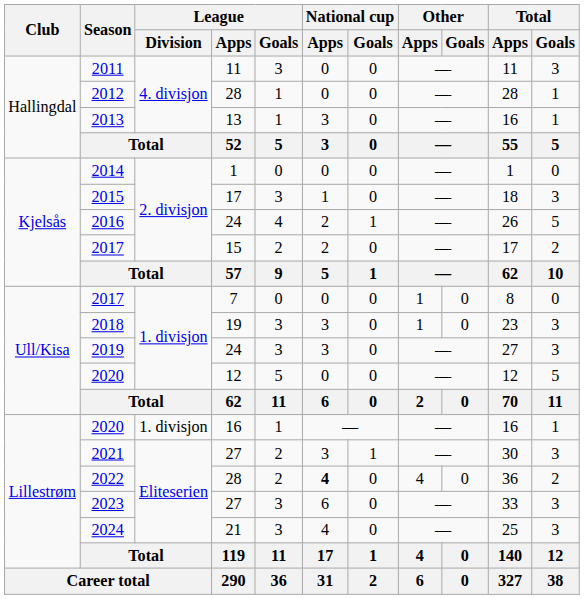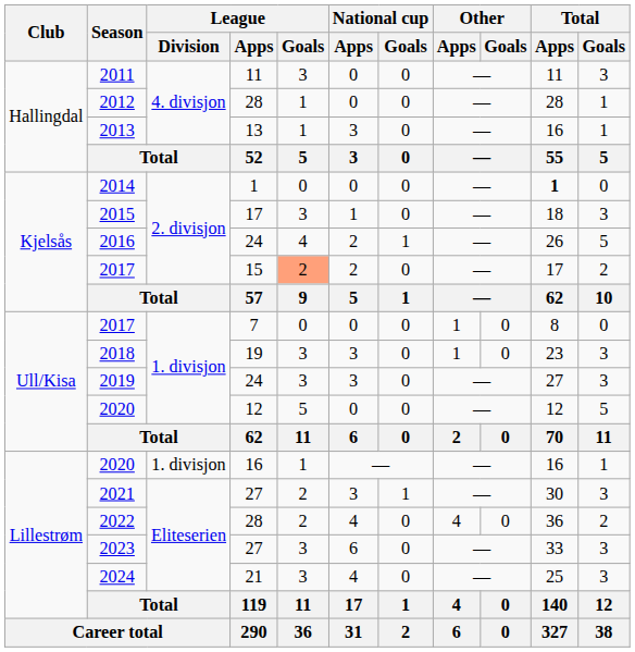 <table class="wikitable" style="text-align: center;">
 <tr>
 <th rowspan="2">Club</th>
 <th rowspan="2">Season</th>
 <th colspan="3">League</th>
 <th colspan="2">National cup</th>
 <th colspan="2">Other</th>
 <th colspan="2">Total</th>
 </tr>
 <tr>
 <th>Division</th>
 <th>Apps</th>
 <th>Goals</th>
 <th>Apps</th>
 <th>Goals</th>
 <th>Apps</th>
 <th>Goals</th>
 <th>Apps</th>
 <th>Goals</th>
 </tr>
 <tr>
 <td rowspan="4">Hallingdal</td>
 <td><a href='#'>2011</a></td>
 <td rowspan="3"><a href='#'>4. divisjon</a></td>
 <td>11</td>
 <td>3</td>
 <td>0</td>
 <td>0</td>
 <td colspan="2">—</td>
 <td>11</td>
 <td>3</td>
 </tr>
 <tr>
 <td><a href='#'>2012</a></td>
 <td>28</td>
 <td>1</td>
 <td>0</td>
 <td>0</td>
 <td colspan="2">—</td>
 <td>28</td>
 <td>1</td>
 </tr>
 <tr>
 <td><a href='#'>2013</a></td>
 <td>13</td>
 <td>1</td>
 <td>3</td>
 <td>0</td>
 <td colspan="2">—</td>
 <td>16</td>
 <td>1</td>
 </tr>
 <tr>
 <th colspan="2">Total</th>
 <th>52</th>
 <th>5</th>
 <th>3</th>
 <th>0</th>
 <th colspan="2">—</th>
 <th>55</th>
 <th>5</th>
 </tr>
 <tr>
 <td rowspan="5"><a href='#'>Kjelsås</a></td>
 <td><a href='#'>2014</a></td>
 <td rowspan="4"><a href='#'>2. divisjon</a></td>
 <td>1</td>
 <td>0</td>
 <td>0</td>
 <td>0</td>
 <td colspan="2">—</td>
-<td>1</td>
+<td><strong>1</strong></td>
 <td>0</td>
 </tr>
 <tr>
 <td><a href='#'>2015</a></td>
 <td>17</td>
 <td>3</td>
 <td>1</td>
 <td>0</td>
 <td colspan="2">—</td>
 <td>18</td>
 <td>3</td>
 </tr>
 <tr>
 <td><a href='#'>2016</a></td>
 <td>24</td>
 <td>4</td>
 <td>2</td>
 <td>1</td>
 <td colspan="2">—</td>
 <td>26</td>
 <td>5</td>
 </tr>
 <tr>
 <td><a href='#'>2017</a></td>
 <td>15</td>
-<td>2</td>
+<td style="background: lightsalmon;">2</td>
 <td>2</td>
 <td>0</td>
 <td colspan="2">—</td>
 <td>17</td>
 <td>2</td>
 </tr>
 <tr>
 <th colspan="2">Total</th>
 <th>57</th>
 <th>9</th>
 <th>5</th>
 <th>1</th>
 <th colspan="2">—</th>
 <th>62</th>
 <th>10</th>
 </tr>
 <tr>
 <td rowspan="5"><a href='#'>Ull/Kisa</a></td>
 <td><a href='#'>2017</a></td>
 <td rowspan="4"><a href='#'>1. divisjon</a></td>
 <td>7</td>
 <td>0</td>
 <td>0</td>
 <td>0</td>
 <td>1</td>
 <td>0</td>
 <td>8</td>
 <td>0</td>
 </tr>
 <tr>
 <td><a href='#'>2018</a></td>
 <td>19</td>
 <td>3</td>
 <td>3</td>
 <td>0</td>
 <td>1</td>
 <td>0</td>
 <td>23</td>
 <td>3</td>
 </tr>
 <tr>
 <td><a href='#'>2019</a></td>
 <td>24</td>
 <td>3</td>
 <td>3</td>
 <td>0</td>
 <td colspan="2">—</td>
 <td>27</td>
 <td>3</td>
 </tr>
 <tr>
 <td><a href='#'>2020</a></td>
 <td>12</td>
 <td>5</td>
 <td>0</td>
 <td>0</td>
 <td colspan="2">—</td>
 <td>12</td>
 <td>5</td>
 </tr>
 <tr>
 <th colspan="2">Total</th>
 <th>62</th>
 <th>11</th>
 <th>6</th>
 <th>0</th>
 <th>2</th>
 <th>0</th>
 <th>70</th>
 <th>11</th>
 </tr>
 <tr>
 <td rowspan="6"><a href='#'>Lillestrøm</a></td>
 <td><a href='#'>2020</a></td>
 <td>1. divisjon</td>
 <td>16</td>
 <td>1</td>
 <td colspan="2">—</td>
 <td colspan="2">—</td>
 <td>16</td>
 <td>1</td>
 </tr>
 <tr>
 <td><a href='#'>2021</a></td>
 <td rowspan="4"><a href='#'>Eliteserien</a></td>
 <td>27</td>
 <td>2</td>
 <td>3</td>
 <td>1</td>
 <td colspan="2">—</td>
 <td>30</td>
 <td>3</td>
 </tr>
 <tr>
 <td><a href='#'>2022</a></td>
 <td>28</td>
 <td>2</td>
-<td><strong>4</strong></td>
+<td>4</td>
 <td>0</td>
 <td>4</td>
 <td>0</td>
 <td>36</td>
 <td>2</td>
 </tr>
 <tr>
 <td><a href='#'>2023</a></td>
 <td>27</td>
 <td>3</td>
 <td>6</td>
 <td>0</td>
 <td colspan="2">—</td>
 <td>33</td>
 <td>3</td>
 </tr>
 <tr>
 <td><a href='#'>2024</a></td>
 <td>21</td>
 <td>3</td>
 <td>4</td>
 <td>0</td>
 <td colspan="2">—</td>
 <td>25</td>
 <td>3</td>
 </tr>
 <tr>
 <th colspan="2">Total</th>
 <th>119</th>
 <th>11</th>
 <th>17</th>
 <th>1</th>
 <th>4</th>
 <th>0</th>
 <th>140</th>
 <th>12</th>
 </tr>
 <tr>
 <th colspan="3">Career total</th>
 <th>290</th>
 <th>36</th>
 <th>31</th>
 <th>2</th>
 <th>6</th>
 <th>0</th>
 <th>327</th>
 <th>38</th>
 </tr>
 </table>
